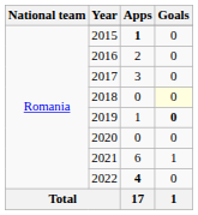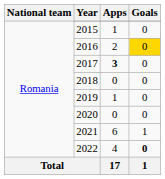 <table class="wikitable" style="text-align:center">
 <tr>
 <th>National team</th>
 <th>Year</th>
 <th>Apps</th>
 <th>Goals</th>
 </tr>
 <tr>
 <td rowspan="9"><a href='#'>Romania</a></td>
 </tr>
 <tr>
 <td>2015</td>
-<td><strong>1</strong></td>
+<td>1</td>
 <td>0</td>
 </tr>
 <tr>
 <td>2016</td>
 <td>2</td>
-<td>0</td>
+<td style="background: gold;">0</td>
 </tr>
 <tr>
 <td>2017</td>
-<td>3</td>
+<td><strong>3</strong></td>
 <td>0</td>
 </tr>
 <tr>
 <td>2018</td>
 <td>0</td>
-<td style="background: lightyellow;">0</td>
+<td>0</td>
 </tr>
 <tr>
 <td>2019</td>
 <td>1</td>
-<td><strong>0</strong></td>
+<td>0</td>
 </tr>
 <tr>
 <td>2020</td>
 <td>0</td>
 <td>0</td>
 </tr>
 <tr>
 <td>2021</td>
 <td>6</td>
 <td>1</td>
 </tr>
 <tr>
 <td>2022</td>
-<td><strong>4</strong></td>
-<td>0</td>
+<td>4</td>
+<td><strong>0</strong></td>
 </tr>
 <tr>
 <th colspan=2>Total</th>
 <th>17</th>
 <th>1</th>
 </tr>
 </table>
